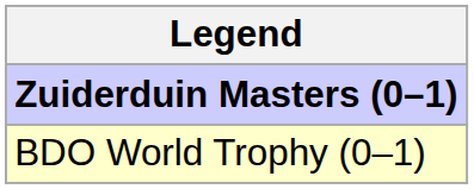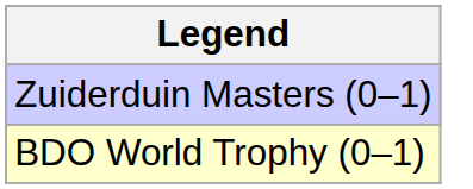 <table class="wikitable">
 <tr>
 <th>Legend</th>
 </tr>
 <tr style="background:#ccf;">
-<td><strong>Zuiderduin Masters (0–1)</strong></td>
+<td>Zuiderduin Masters (0–1)</td>
 </tr>
 <tr style="background:#ffc;">
 <td>BDO World Trophy (0–1)</td>
 </tr>
 </table>
